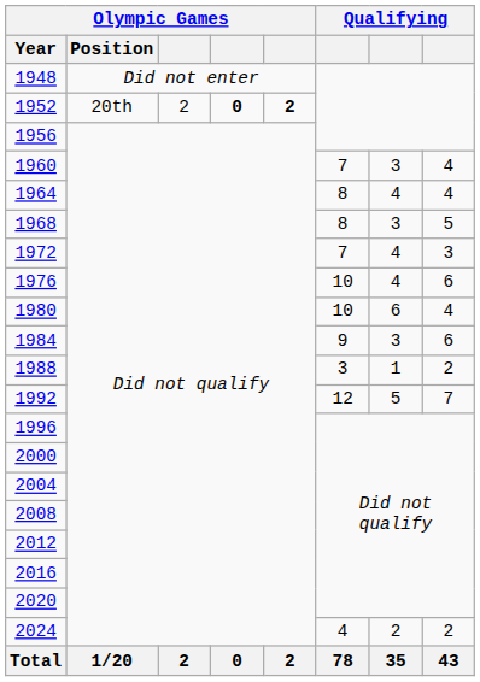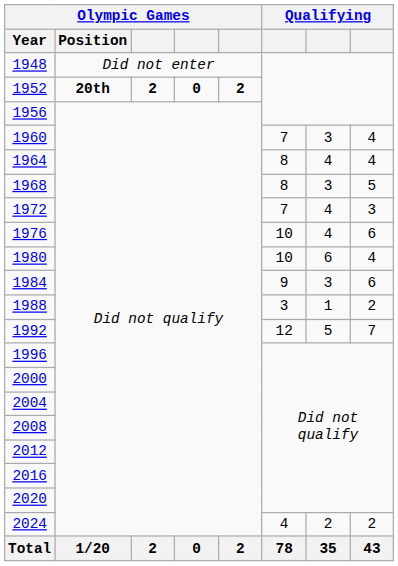 <table class="wikitable" style="text-align: center;font-size:90%;">
 <tr>
 <th colspan=5><a href='#'>Olympic Games</a></th>
 <th colspan=3><a href='#'>Qualifying</a></th>
 </tr>
 <tr>
 <th>Year</th>
 <th>Position</th>
 <th width=30></th>
 <th width=30></th>
 <th width=30></th>
 <th width=30></th>
 <th width=30></th>
 <th width=30></th>
 </tr>
 <tr>
 <td> <a href='#'>1948</a></td>
 <td colspan=4><em>Did not enter</em></td>
 </tr>
 <tr>
 <td> <a href='#'>1952</a></td>
-<td>20th</td>
-<td>2</td>
+<td><strong>20th</strong></td>
+<td><strong>2</strong></td>
 <td><strong>0</strong></td>
 <td><strong>2</strong></td>
 </tr>
 <tr>
 <td> <a href='#'>1956</a></td>
 <td colspan=4 rowspan=18><em>Did not qualify</em></td>
 </tr>
 <tr>
 <td> <a href='#'>1960</a></td>
 <td>7</td>
 <td>3</td>
 <td>4</td>
 </tr>
 <tr>
 <td> <a href='#'>1964</a></td>
 <td>8</td>
 <td>4</td>
 <td>4</td>
 </tr>
 <tr>
 <td> <a href='#'>1968</a></td>
 <td>8</td>
 <td>3</td>
 <td>5</td>
 </tr>
 <tr>
 <td> <a href='#'>1972</a></td>
 <td>7</td>
 <td>4</td>
 <td>3</td>
 </tr>
 <tr>
 <td> <a href='#'>1976</a></td>
 <td>10</td>
 <td>4</td>
 <td>6</td>
 </tr>
 <tr>
 <td> <a href='#'>1980</a></td>
 <td>10</td>
 <td>6</td>
 <td>4</td>
 </tr>
 <tr>
 <td> <a href='#'>1984</a></td>
 <td>9</td>
 <td>3</td>
 <td>6</td>
 </tr>
 <tr>
 <td> <a href='#'>1988</a></td>
 <td>3</td>
 <td>1</td>
 <td>2</td>
 </tr>
 <tr>
 <td> <a href='#'>1992</a></td>
 <td>12</td>
 <td>5</td>
 <td>7</td>
 </tr>
 <tr>
 <td> <a href='#'>1996</a></td>
 <td colspan=4 rowspan=7><em>Did not qualify</em></td>
 </tr>
 <tr>
 <td> <a href='#'>2000</a></td>
 </tr>
 <tr>
 <td> <a href='#'>2004</a></td>
 </tr>
 <tr>
 <td> <a href='#'>2008</a></td>
 </tr>
 <tr>
 <td> <a href='#'>2012</a></td>
 </tr>
 <tr>
 <td> <a href='#'>2016</a></td>
 </tr>
 <tr>
 <td> <a href='#'>2020</a></td>
 </tr>
 <tr>
 <td> <a href='#'>2024</a></td>
 <td>4</td>
 <td>2</td>
 <td>2</td>
 </tr>
 <tr>
 <th>Total</th>
 <th>1/20</th>
 <th>2</th>
 <th>0</th>
 <th>2</th>
 <th>78</th>
 <th>35</th>
 <th>43</th>
 </tr>
 </table>
